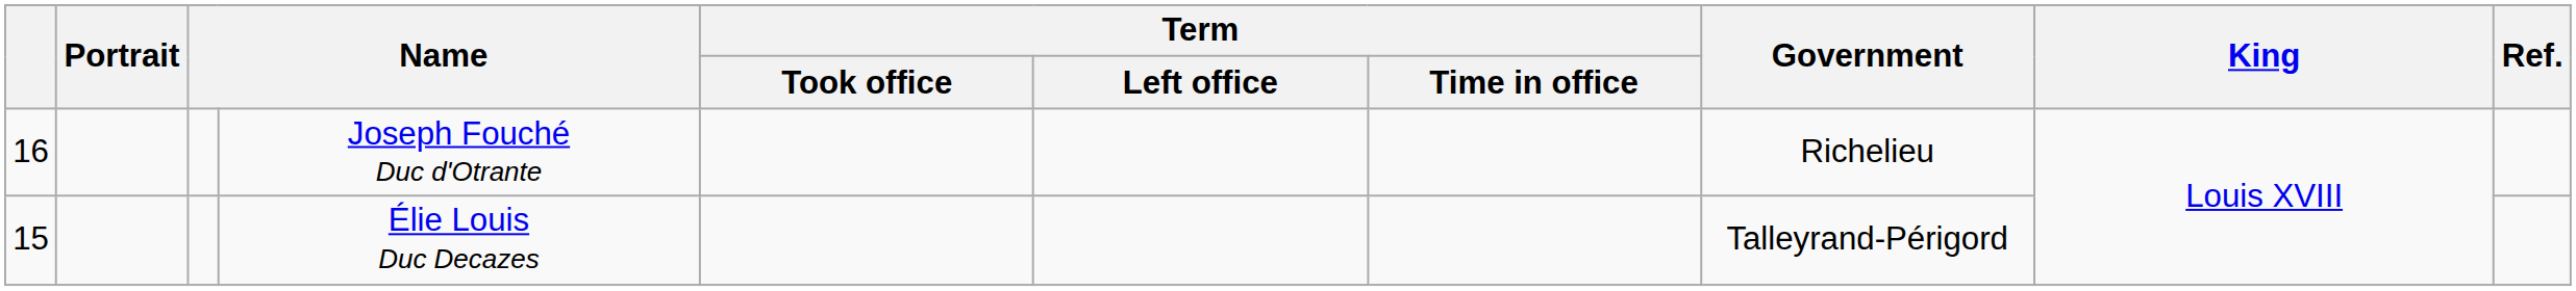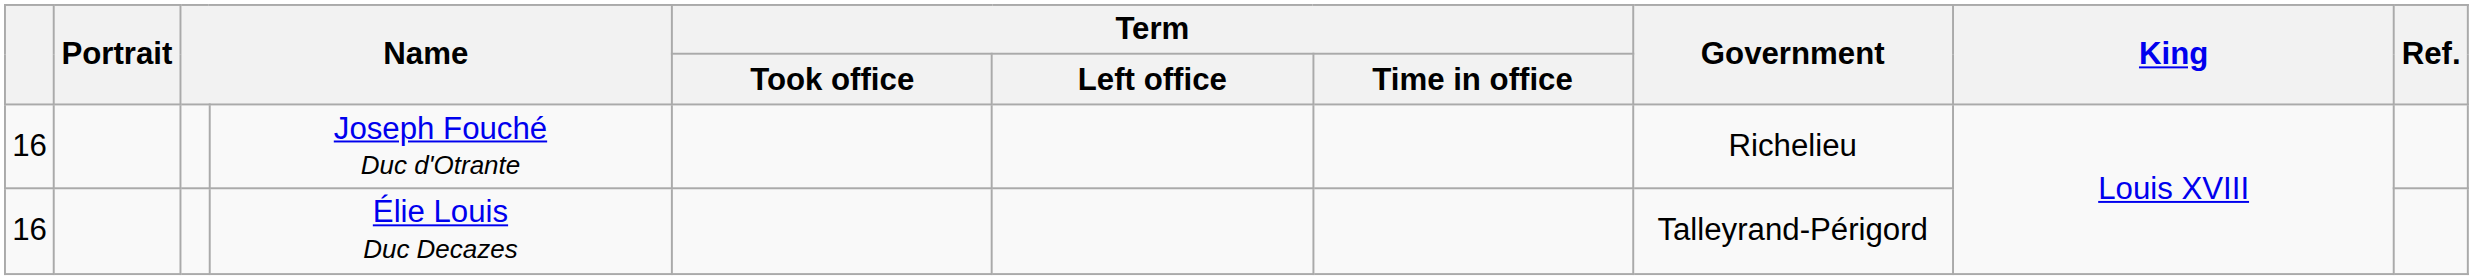 <table class="wikitable" style="text-align:center; width:100%">
 <tr>
 <th style="width:2%" rowspan=2></th>
 <th style="width:5%" rowspan=2>Portrait</th>
 <th style="width:20%" rowspan=2, colspan=2>Name</th>
 <th colspan=3>Term</th>
 <th style="width:13%" rowspan=2>Government</th>
 <th rowspan=2><a href='#'>King</a></th>
 <th style="width:2%" rowspan=2>Ref.</th>
 </tr>
 <tr>
 <th style="width:13%">Took office</th>
 <th style="width:13%">Left office</th>
 <th style="width:13%">Time in office</th>
 </tr>
 <tr>
 <td>16</td>
 <td></td>
 <td style="background:"></td>
 <td><a href='#'>Joseph Fouché</a><br><small><em>Duc d'Otrante</em></small></td>
 <td></td>
 <td></td>
 <td></td>
 <td>Richelieu</td>
 <td rowspan=2><a href='#'>Louis XVIII</a></td>
 <td></td>
 </tr>
 <tr>
-<td>15</td>
+<td>16</td>
 <td></td>
 <td style="background:"></td>
 <td><a href='#'>Élie Louis</a><br><small><em>Duc Decazes</em></small></td>
 <td></td>
 <td></td>
 <td></td>
 <td>Talleyrand-Périgord</td>
 <td></td>
 </tr>
 </table>
